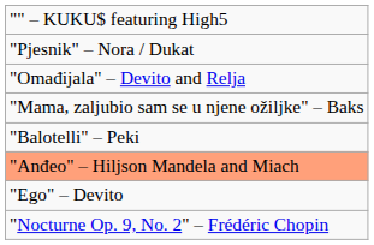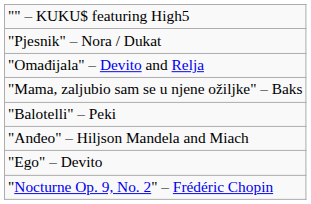 <table class="wikitable mw-collapsible mw-collapsed">
 <tr>
 <td>"" – KUKU$ featuring High5</td>
 </tr>
 <tr>
 <td>"Pjesnik" – Nora / Dukat</td>
 </tr>
 <tr>
 <td>"Omađijala" – <a href='#'>Devito</a> and <a href='#'>Relja</a></td>
 </tr>
 <tr>
 <td>"Mama, zaljubio sam se u njene ožiljke" – Baks</td>
 </tr>
 <tr>
 <td>"Balotelli" – Peki</td>
 </tr>
 <tr>
-<td style="background: lightsalmon;">"Anđeo" – Hiljson Mandela and Miach</td>
+<td>"Anđeo" – Hiljson Mandela and Miach</td>
 </tr>
 <tr>
 <td>"Ego" – Devito</td>
 </tr>
 <tr>
 <td>"<a href='#'>Nocturne Op. 9, No. 2</a>" – <a href='#'>Frédéric Chopin</a></td>
 </tr>
 </table>
